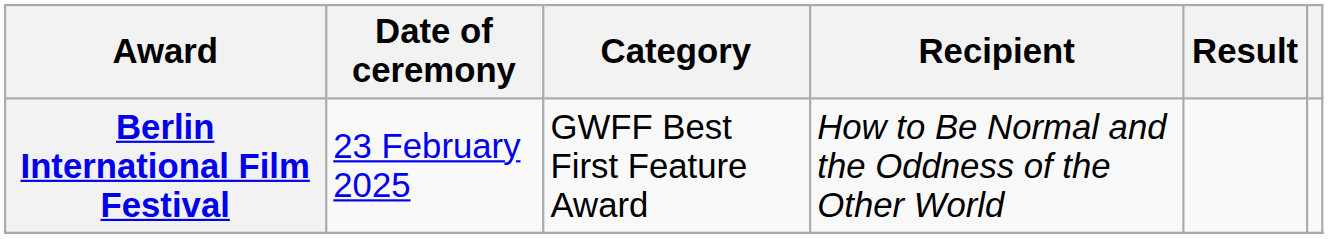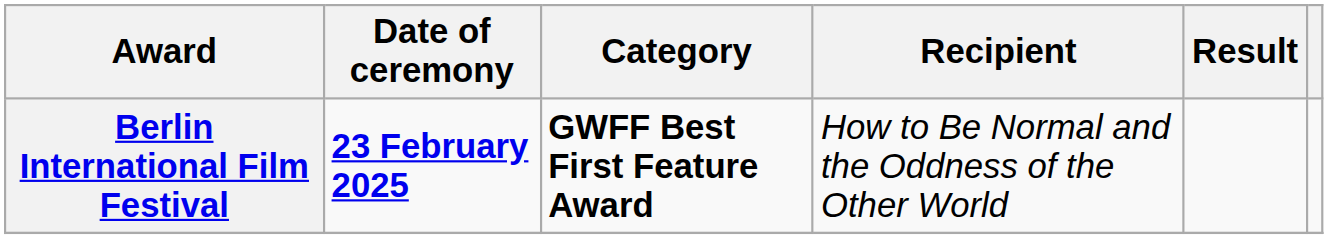 <table class="wikitable sortable plainrowheaders">
 <tr>
 <th>Award</th>
 <th>Date of ceremony</th>
 <th>Category</th>
 <th>Recipient</th>
 <th>Result</th>
 <th></th>
 </tr>
 <tr>
 <th scope="row" rowspan="1"><a href='#'>Berlin International Film Festival</a></th>
-<td rowspan="1"><a href='#'>23 February 2025</a></td>
-<td>GWFF Best First Feature Award</td>
+<td rowspan="1"><strong><a href='#'>23 February 2025</a></strong></td>
+<td><strong>GWFF Best First Feature Award</strong></td>
 <td><em>How to Be Normal and the Oddness of the Other World</em></td>
 <td></td>
 <td align="center"></td>
 </tr>
 <tr>
 </tr>
 </table>
